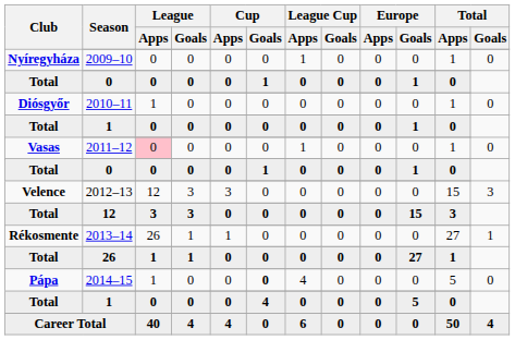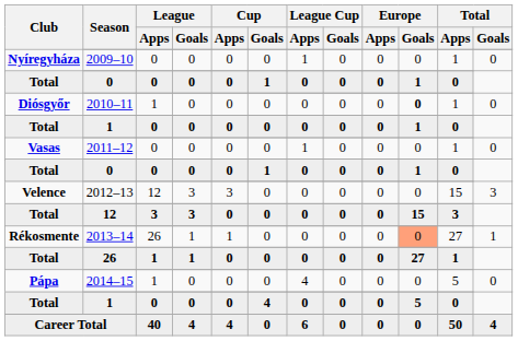 <table class="wikitable" style="font-size:90%; text-align: center;">
 <tr>
 <th rowspan="2">Club</th>
 <th rowspan="2">Season</th>
 <th colspan="2">League</th>
 <th colspan="2">Cup</th>
 <th colspan="2">League Cup</th>
 <th colspan="2">Europe</th>
 <th colspan="2">Total</th>
 </tr>
 <tr>
 <th>Apps</th>
 <th>Goals</th>
 <th>Apps</th>
 <th>Goals</th>
 <th>Apps</th>
 <th>Goals</th>
 <th>Apps</th>
 <th>Goals</th>
 <th>Apps</th>
 <th>Goals</th>
 </tr>
 <tr ||-||-||-|->
 <td rowspan="3" valign="center"><strong><a href='#'>Nyíregyháza</a></strong></td>
 </tr>
 <tr>
 <td><a href='#'>2009–10</a></td>
 <td>0</td>
 <td>0</td>
 <td>0</td>
 <td>0</td>
 <td>1</td>
 <td>0</td>
 <td>0</td>
 <td>0</td>
 <td>1</td>
 <td>0</td>
 </tr>
 <tr>
 </tr>
 <tr style="font-weight:bold; background-color:#eeeeee;">
 <td>Total</td>
 <td>0</td>
 <td>0</td>
 <td>0</td>
 <td>0</td>
 <td>1</td>
 <td>0</td>
 <td>0</td>
 <td>0</td>
 <td>1</td>
 <td>0</td>
 </tr>
 <tr>
 <td rowspan="3" valign="center"><strong><a href='#'>Diósgyőr</a></strong></td>
 </tr>
 <tr>
 <td><a href='#'>2010–11</a></td>
 <td>1</td>
 <td>0</td>
 <td>0</td>
 <td>0</td>
 <td>0</td>
 <td>0</td>
 <td>0</td>
-<td>0</td>
+<td><strong>0</strong></td>
 <td>1</td>
 <td>0</td>
 </tr>
 <tr>
 </tr>
 <tr style="font-weight:bold; background-color:#eeeeee;">
 <td>Total</td>
 <td>1</td>
 <td>0</td>
 <td>0</td>
 <td>0</td>
 <td>0</td>
 <td>0</td>
 <td>0</td>
 <td>0</td>
 <td>1</td>
 <td>0</td>
 </tr>
 <tr>
 <td rowspan="3" valign="center"><strong><a href='#'>Vasas</a></strong></td>
 </tr>
 <tr>
 <td><a href='#'>2011–12</a></td>
-<td style="background: pink;">0</td>
+<td>0</td>
 <td>0</td>
 <td>0</td>
 <td>0</td>
 <td>1</td>
 <td>0</td>
 <td>0</td>
 <td>0</td>
 <td>1</td>
 <td>0</td>
 </tr>
 <tr>
 </tr>
 <tr style="font-weight:bold; background-color:#eeeeee;">
 <td>Total</td>
 <td>0</td>
 <td>0</td>
 <td>0</td>
 <td>0</td>
 <td>1</td>
 <td>0</td>
 <td>0</td>
 <td>0</td>
 <td>1</td>
 <td>0</td>
 </tr>
 <tr>
 <td rowspan="3" valign="center"><strong>Velence</strong></td>
 </tr>
 <tr>
 <td>2012–13</td>
 <td>12</td>
 <td>3</td>
 <td>3</td>
 <td>0</td>
 <td>0</td>
 <td>0</td>
 <td>0</td>
 <td>0</td>
 <td>15</td>
 <td>3</td>
 </tr>
 <tr>
 </tr>
 <tr style="font-weight:bold; background-color:#eeeeee;">
 <td>Total</td>
 <td>12</td>
 <td>3</td>
 <td>3</td>
 <td>0</td>
 <td>0</td>
 <td>0</td>
 <td>0</td>
 <td>0</td>
 <td>15</td>
 <td>3</td>
 </tr>
 <tr>
 <td rowspan="3" valign="center"><strong>Rékosmente</strong></td>
 </tr>
 <tr>
 <td><a href='#'>2013–14</a></td>
 <td>26</td>
 <td>1</td>
 <td>1</td>
 <td>0</td>
 <td>0</td>
 <td>0</td>
 <td>0</td>
-<td>0</td>
+<td style="background: lightsalmon;">0</td>
 <td>27</td>
 <td>1</td>
 </tr>
 <tr>
 </tr>
 <tr style="font-weight:bold; background-color:#eeeeee;">
 <td>Total</td>
 <td>26</td>
 <td>1</td>
 <td>1</td>
 <td>0</td>
 <td>0</td>
 <td>0</td>
 <td>0</td>
 <td>0</td>
 <td>27</td>
 <td>1</td>
 </tr>
 <tr>
 <td rowspan="3" valign="center"><strong><a href='#'>Pápa</a></strong></td>
 </tr>
 <tr>
 <td><a href='#'>2014–15</a></td>
 <td>1</td>
 <td>0</td>
 <td>0</td>
-<td><strong>0</strong></td>
+<td>0</td>
 <td>4</td>
 <td>0</td>
 <td>0</td>
 <td>0</td>
 <td>5</td>
 <td>0</td>
 </tr>
 <tr>
 </tr>
 <tr style="font-weight:bold; background-color:#eeeeee;">
 <td>Total</td>
 <td>1</td>
 <td>0</td>
 <td>0</td>
 <td>0</td>
 <td>4</td>
 <td>0</td>
 <td>0</td>
 <td>0</td>
 <td>5</td>
 <td>0</td>
 </tr>
 <tr>
 </tr>
 <tr style="font-weight:bold; background-color:#eeeeee;">
 <td colspan="2" valign="top"><strong>Career Total</strong></td>
 <td><strong>40</strong></td>
 <td><strong>4</strong></td>
 <td><strong>4</strong></td>
 <td><strong>0</strong></td>
 <td><strong>6</strong></td>
 <td><strong>0</strong></td>
 <td><strong>0</strong></td>
 <td><strong>0</strong></td>
 <td><strong>50</strong></td>
 <td><strong>4</strong></td>
 </tr>
 </table>
